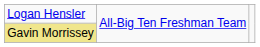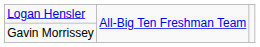 <table class="wikitable">
 <tr>
 <td><a href='#'>Logan Hensler</a></td>
 <td rowspan=2><a href='#'>All-Big Ten Freshman Team</a></td>
 <td rowspan=2></td>
 </tr>
 <tr>
-<td style="background: khaki;">Gavin Morrissey</td>
+<td>Gavin Morrissey</td>
 </tr>
 </table>
